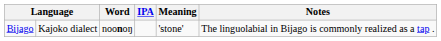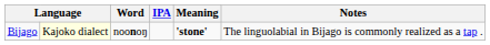 <table class="wikitable">
 <tr>
 <th colspan=2>Language</th>
 <th>Word</th>
 <th><a href='#'>IPA</a></th>
 <th>Meaning</th>
 <th>Notes</th>
 </tr>
 <tr>
 <td><a href='#'>Bijago</a></td>
-<td>Kajoko dialect</td>
+<td style="background: lightyellow;">Kajoko dialect</td>
 <td>noo<strong>n</strong>oŋ</td>
 <td></td>
-<td>'stone'</td>
+<td><strong>'stone'</strong></td>
 <td align="left">The linguolabial in Bijago is commonly realized as a <a href='#'>tap</a> .</td>
 </tr>
 </table>
